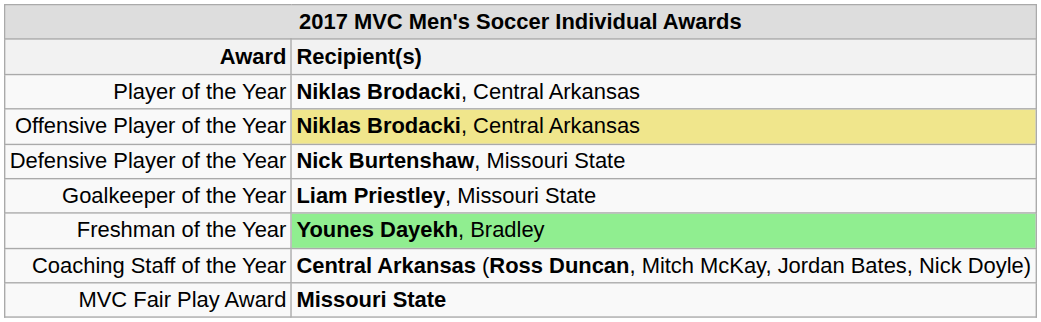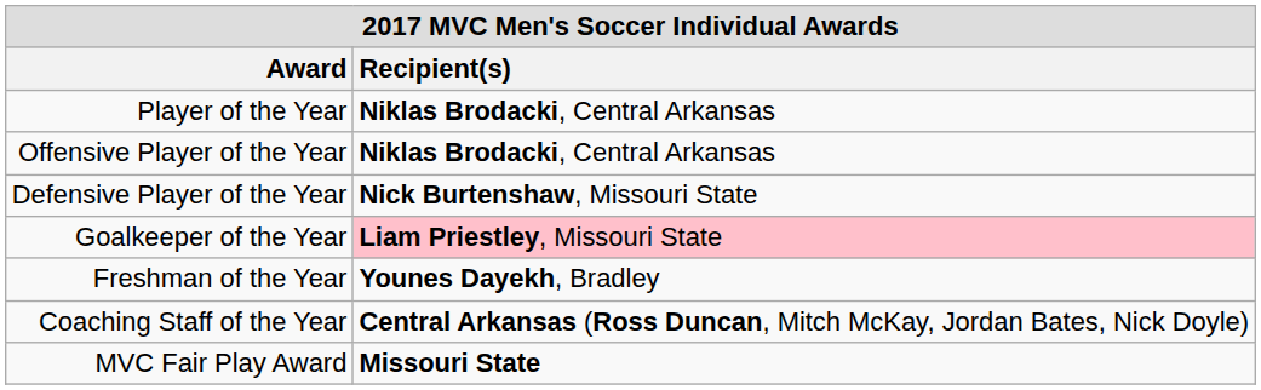 <table class="wikitable" style="white-space:nowrap; ">
 <tr>
 <td colspan="7" style="text-align:center; background:#ddd;"><strong>2017 MVC Men's Soccer Individual Awards</strong></td>
 </tr>
 <tr>
 <th style="text-align:right;">Award</th>
 <th style="text-align:left;">Recipient(s)</th>
 </tr>
 <tr>
 <td style="text-align:right;">Player of the Year</td>
 <td style="text-align:left;"><strong>Niklas Brodacki</strong>, Central Arkansas</td>
 </tr>
 <tr>
 <td style="text-align:right;">Offensive Player of the Year</td>
-<td style="background: khaki; text-align:left;"><strong>Niklas Brodacki</strong>, Central Arkansas</td>
+<td style="text-align:left;"><strong>Niklas Brodacki</strong>, Central Arkansas</td>
 </tr>
 <tr>
 <td style="text-align:right;">Defensive Player of the Year</td>
 <td style="text-align:left;"><strong>Nick Burtenshaw</strong>, Missouri State</td>
 </tr>
 <tr>
 <td style="text-align:right;">Goalkeeper of the Year</td>
-<td style="text-align:left;"><strong>Liam Priestley</strong>, Missouri State</td>
+<td style="background: pink; text-align:left;"><strong>Liam Priestley</strong>, Missouri State</td>
 </tr>
 <tr>
 <td style="text-align:right;">Freshman of the Year</td>
-<td style="background: lightgreen; text-align:left;"><strong>Younes Dayekh</strong>, Bradley</td>
+<td style="text-align:left;"><strong>Younes Dayekh</strong>, Bradley</td>
 </tr>
 <tr>
 <td style="text-align:right;">Coaching Staff of the Year</td>
 <td style="text-align:left;"><strong>Central Arkansas</strong> (<strong>Ross Duncan</strong>, Mitch McKay, Jordan Bates, Nick Doyle)</td>
 </tr>
 <tr>
 <td style="text-align:right;">MVC Fair Play Award</td>
 <td style="text-align:left;"><strong>Missouri State</strong></td>
 </tr>
 </table>
